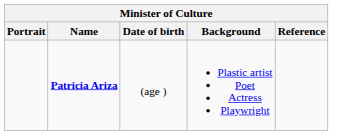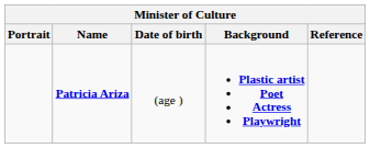 <table class="wikitable collapsible" style="text-align:center;">
 <tr>
 <th colspan="5">Minister of Culture</th>
 </tr>
 <tr>
 <th>Portrait</th>
 <th>Name</th>
 <th>Date of birth</th>
 <th>Background</th>
 <th>Reference</th>
 </tr>
 <tr>
 <td></td>
 <td><strong><a href='#'>Patricia Ariza</a></strong></td>
 <td><br>(age )</td>
-<td><br><ul><li><a href='#'>Plastic artist</a></li><li><a href='#'>Poet</a></li><li><a href='#'>Actress</a></li><li><a href='#'>Playwright</a></li></ul></td>
+<td><strong><br><ul><li><a href='#'>Plastic artist</a></li><li><a href='#'>Poet</a></li><li><a href='#'>Actress</a></li><li><a href='#'>Playwright</a></li></ul></strong></td>
 <td></td>
 </tr>
 </table>
